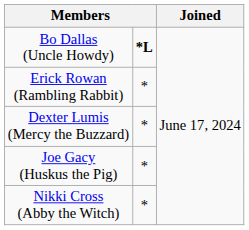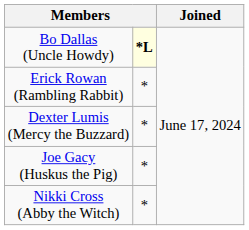 <table class="wikitable sortable" style="text-align:center;">
 <tr>
 <th colspan="2">Members</th>
 <th>Joined</th>
 </tr>
 <tr>
 <td><a href='#'>Bo Dallas</a><br>(Uncle Howdy)</td>
-<td><strong>*L</strong></td>
+<td style="background: lightyellow;"><strong>*L</strong></td>
 <td rowspan="5">June 17, 2024</td>
 </tr>
 <tr>
 <td><a href='#'>Erick Rowan</a><br>(Rambling Rabbit)</td>
 <td>*</td>
 </tr>
 <tr>
 <td><a href='#'>Dexter Lumis</a><br>(Mercy the Buzzard)</td>
 <td>*</td>
 </tr>
 <tr>
 <td><a href='#'>Joe Gacy</a><br>(Huskus the Pig)</td>
 <td>*</td>
 </tr>
 <tr>
 <td><a href='#'>Nikki Cross</a><br>(Abby the Witch)</td>
 <td>*</td>
 </tr>
 </table>
